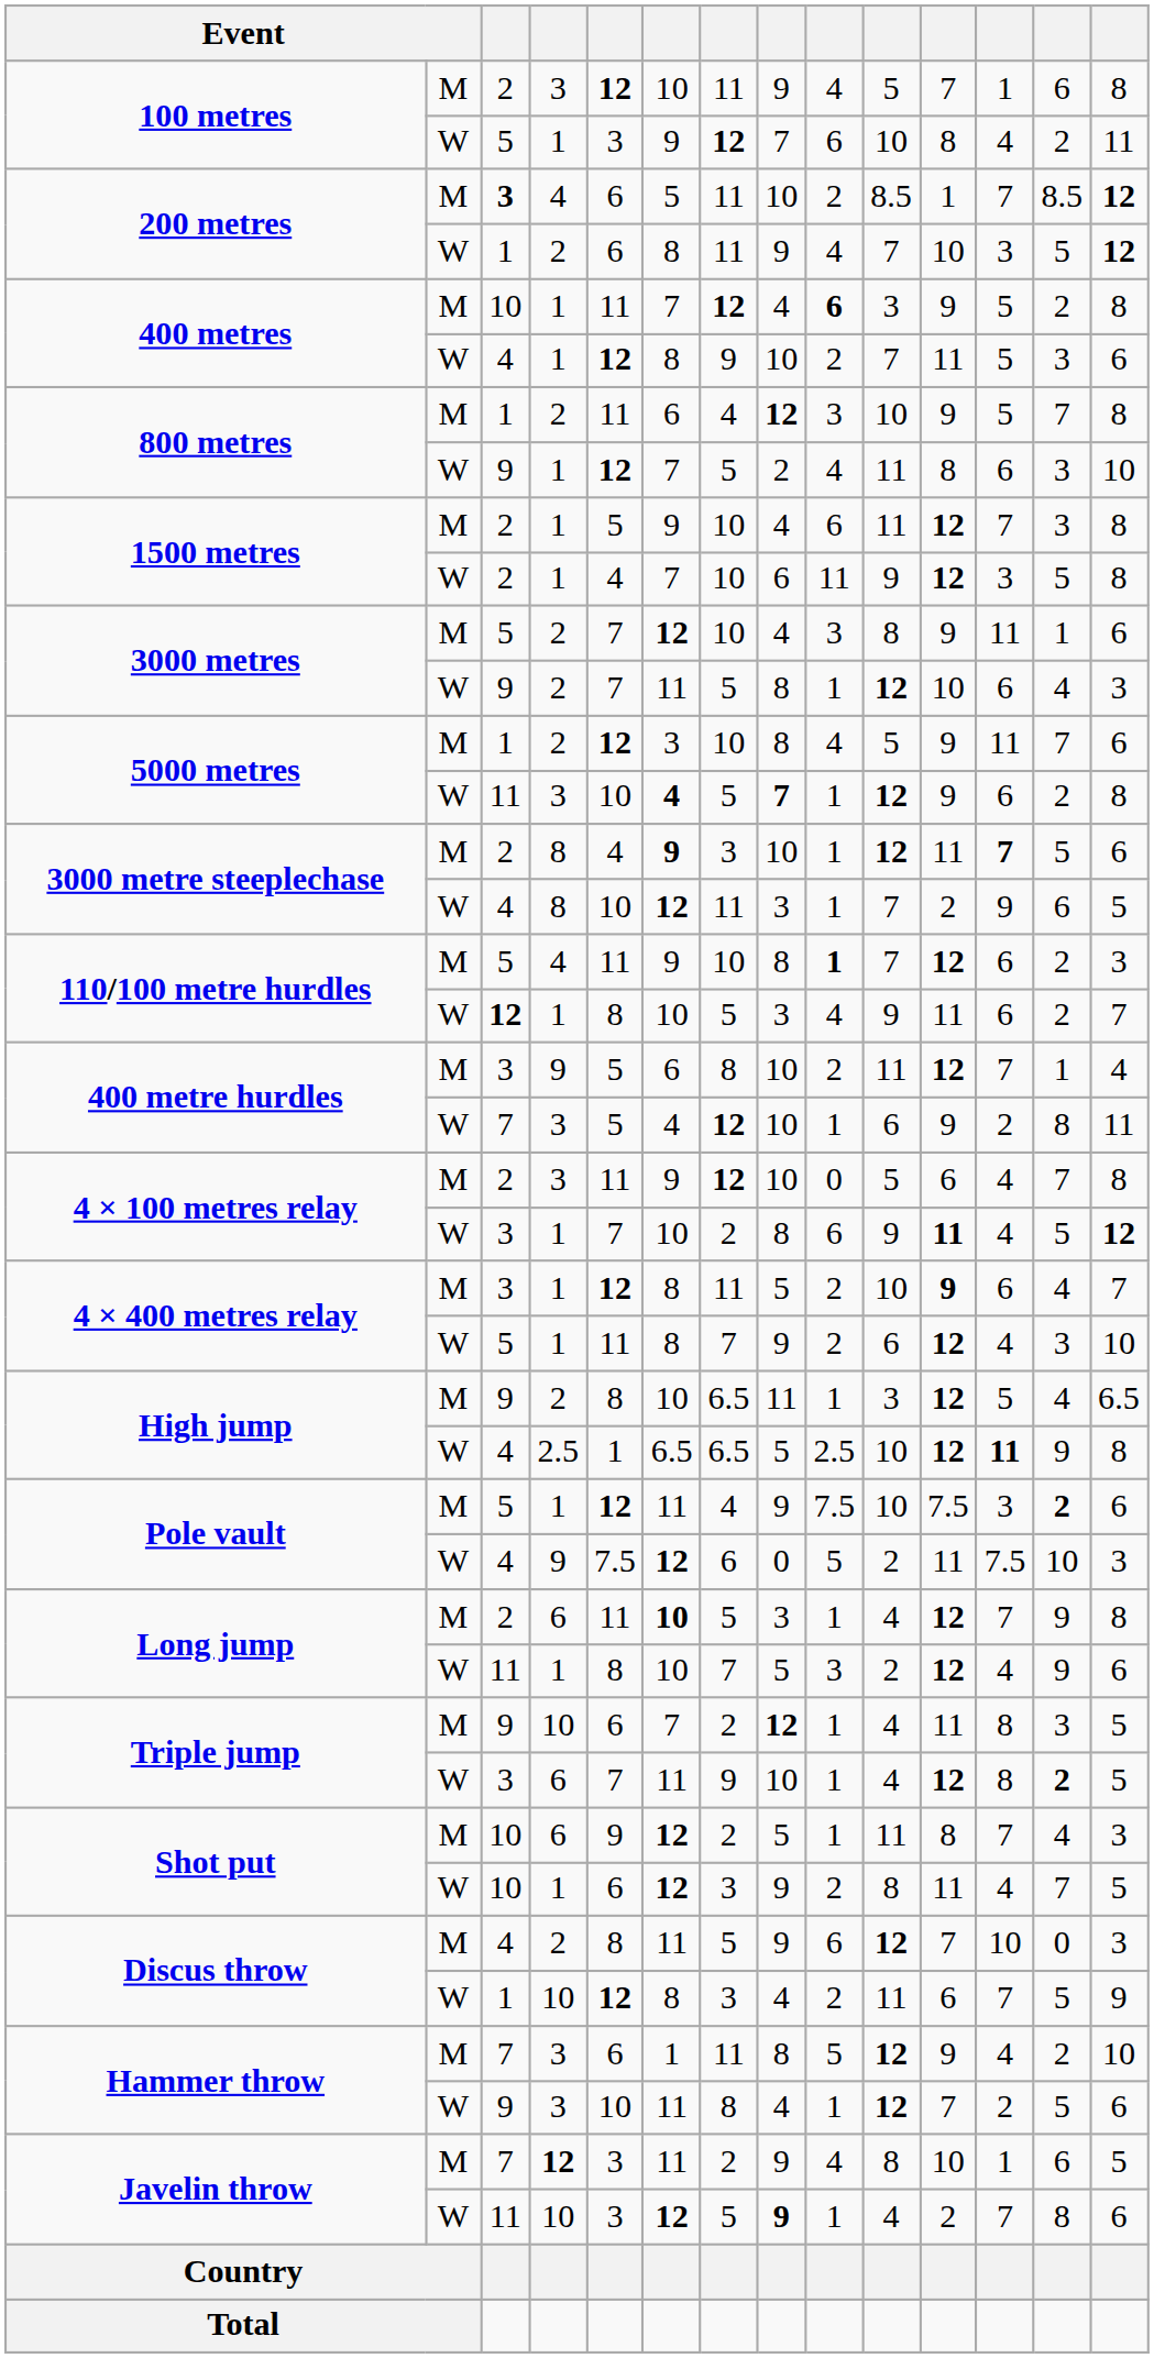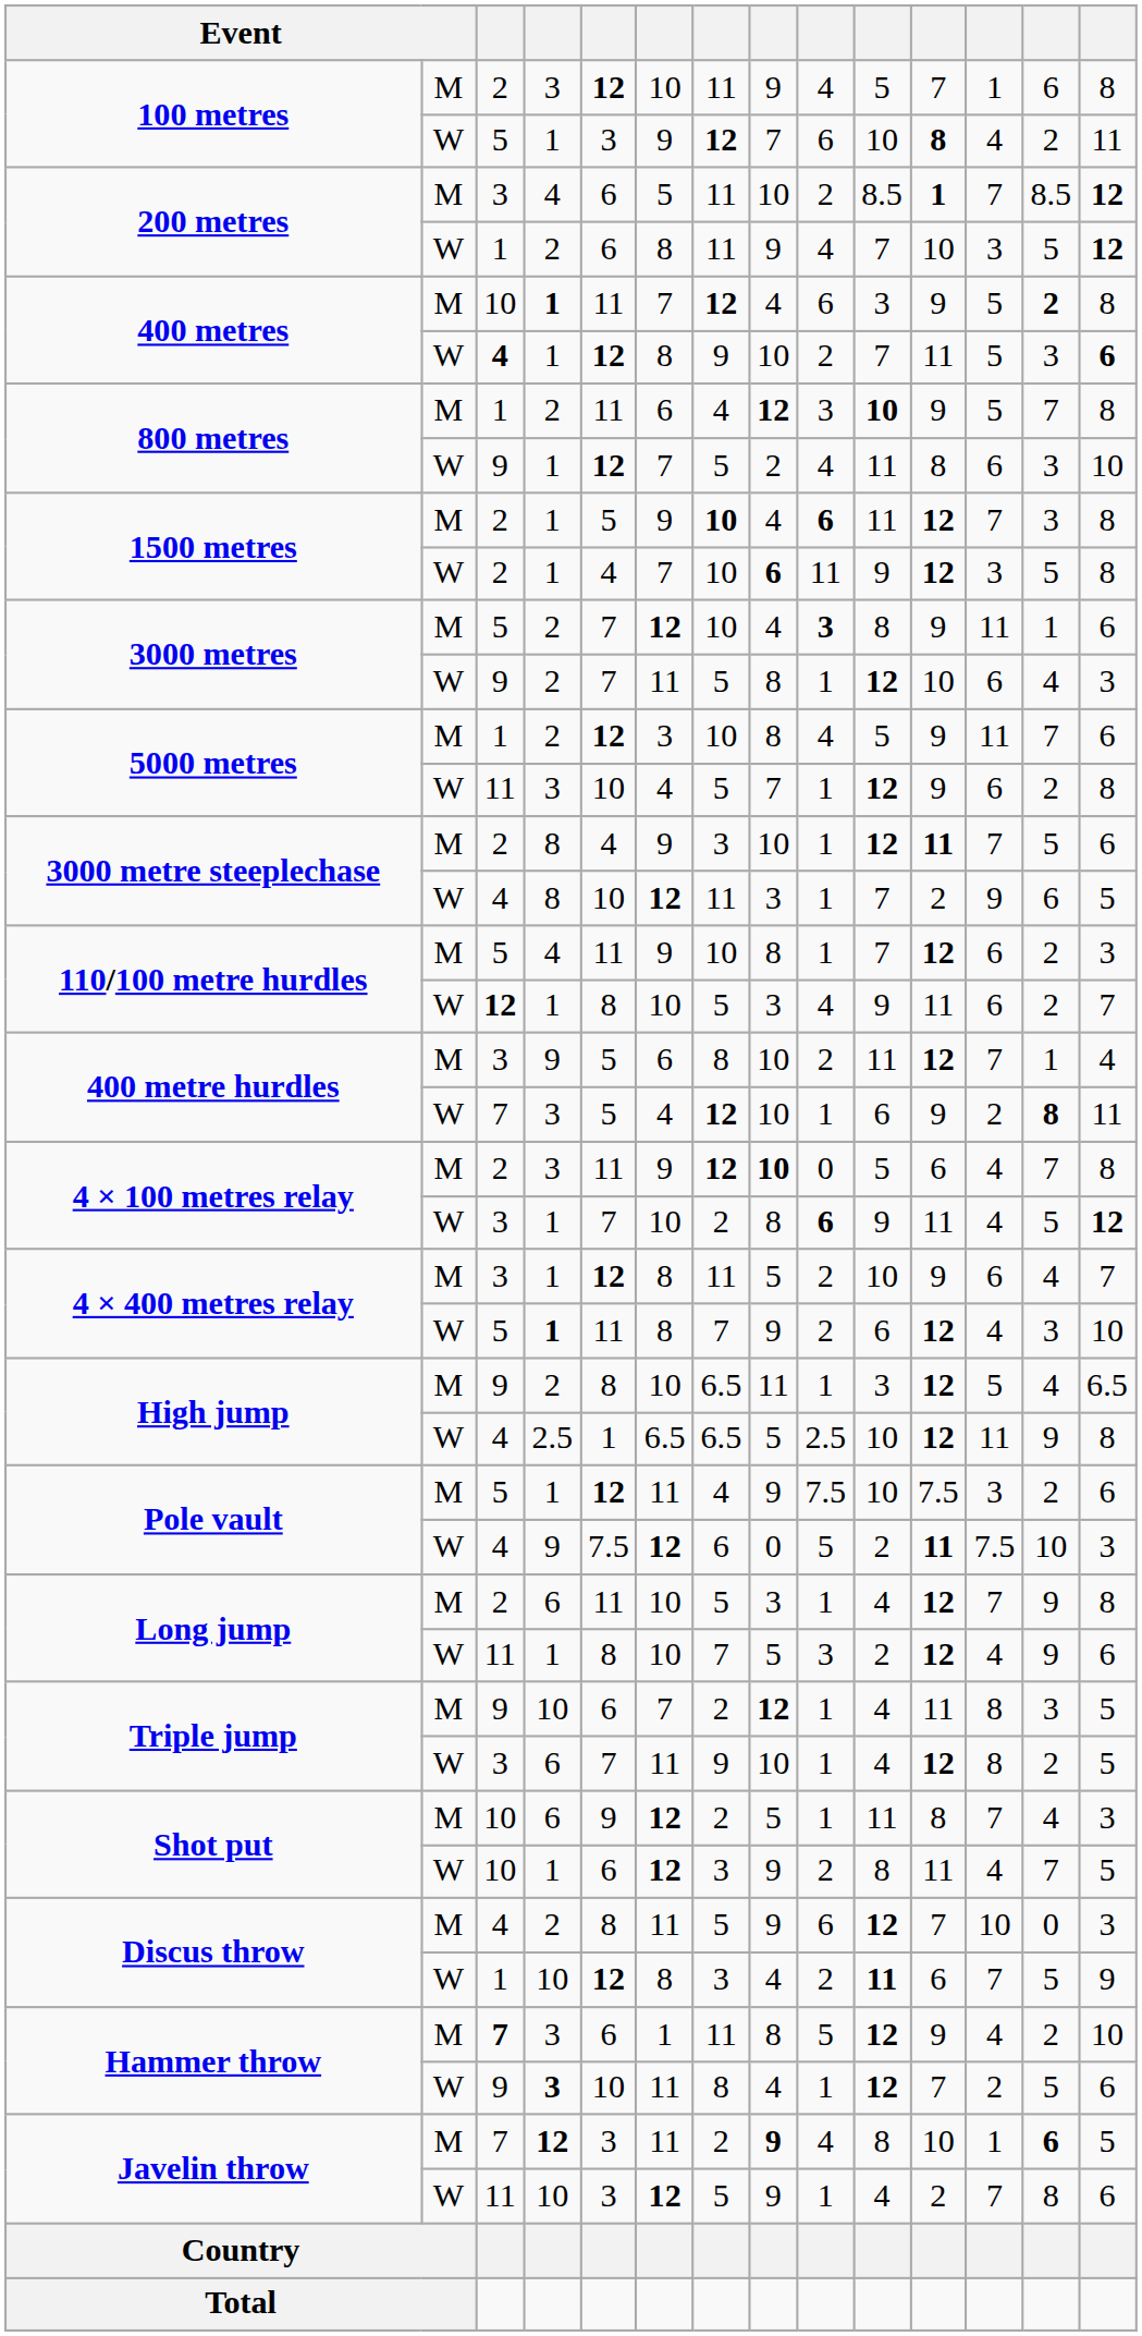 <table class="wikitable" style="background-color: #f9f9f9; font-size: 90%; text-align: center">
 <tr>
 <th width=200 colspan=2>Event</th>
 <th></th>
 <th></th>
 <th></th>
 <th></th>
 <th></th>
 <th></th>
 <th></th>
 <th></th>
 <th></th>
 <th></th>
 <th></th>
 <th></th>
 </tr>
 <tr>
 <td rowspan=2><strong><a href='#'>100 metres</a></strong></td>
 <td>M</td>
 <td>2</td>
 <td>3</td>
 <td><strong>12</strong></td>
 <td>10</td>
 <td>11</td>
 <td>9</td>
 <td>4</td>
 <td>5</td>
 <td>7</td>
 <td>1</td>
 <td>6</td>
 <td>8</td>
 </tr>
 <tr>
 <td>W</td>
 <td>5</td>
 <td>1</td>
 <td>3</td>
 <td>9</td>
 <td><strong>12</strong></td>
 <td>7</td>
 <td>6</td>
 <td>10</td>
-<td>8</td>
+<td><strong>8</strong></td>
 <td>4</td>
 <td>2</td>
 <td>11</td>
 </tr>
 <tr>
 <td rowspan=2><strong><a href='#'>200 metres</a></strong></td>
 <td>M</td>
-<td><strong>3</strong></td>
+<td>3</td>
 <td>4</td>
 <td>6</td>
 <td>5</td>
 <td>11</td>
 <td>10</td>
 <td>2</td>
 <td>8.5</td>
-<td>1</td>
+<td><strong>1</strong></td>
 <td>7</td>
 <td>8.5</td>
 <td><strong>12</strong></td>
 </tr>
 <tr>
 <td>W</td>
 <td>1</td>
 <td>2</td>
 <td>6</td>
 <td>8</td>
 <td>11</td>
 <td>9</td>
 <td>4</td>
 <td>7</td>
 <td>10</td>
 <td>3</td>
 <td>5</td>
 <td><strong>12</strong></td>
 </tr>
 <tr>
 <td rowspan=2><strong><a href='#'>400 metres</a></strong></td>
 <td>M</td>
 <td>10</td>
-<td>1</td>
+<td><strong>1</strong></td>
 <td>11</td>
 <td>7</td>
 <td><strong>12</strong></td>
 <td>4</td>
-<td><strong>6</strong></td>
+<td>6</td>
 <td>3</td>
 <td>9</td>
 <td>5</td>
-<td>2</td>
+<td><strong>2</strong></td>
 <td>8</td>
 </tr>
 <tr>
 <td>W</td>
-<td>4</td>
+<td><strong>4</strong></td>
 <td>1</td>
 <td><strong>12</strong></td>
 <td>8</td>
 <td>9</td>
 <td>10</td>
 <td>2</td>
 <td>7</td>
 <td>11</td>
 <td>5</td>
 <td>3</td>
-<td>6</td>
+<td><strong>6</strong></td>
 </tr>
 <tr>
 <td rowspan=2><strong><a href='#'>800 metres</a></strong></td>
 <td>M</td>
 <td>1</td>
 <td>2</td>
 <td>11</td>
 <td>6</td>
 <td>4</td>
 <td><strong>12</strong></td>
 <td>3</td>
-<td>10</td>
+<td><strong>10</strong></td>
 <td>9</td>
 <td>5</td>
 <td>7</td>
 <td>8</td>
 </tr>
 <tr>
 <td>W</td>
 <td>9</td>
 <td>1</td>
 <td><strong>12</strong></td>
 <td>7</td>
 <td>5</td>
 <td>2</td>
 <td>4</td>
 <td>11</td>
 <td>8</td>
 <td>6</td>
 <td>3</td>
 <td>10</td>
 </tr>
 <tr>
 <td rowspan=2><strong><a href='#'>1500 metres</a></strong></td>
 <td>M</td>
 <td>2</td>
 <td>1</td>
 <td>5</td>
 <td>9</td>
-<td>10</td>
+<td><strong>10</strong></td>
 <td>4</td>
-<td>6</td>
+<td><strong>6</strong></td>
 <td>11</td>
 <td><strong>12</strong></td>
 <td>7</td>
 <td>3</td>
 <td>8</td>
 </tr>
 <tr>
 <td>W</td>
 <td>2</td>
 <td>1</td>
 <td>4</td>
 <td>7</td>
 <td>10</td>
-<td>6</td>
+<td><strong>6</strong></td>
 <td>11</td>
 <td>9</td>
 <td><strong>12</strong></td>
 <td>3</td>
 <td>5</td>
 <td>8</td>
 </tr>
 <tr>
 <td rowspan=2><strong><a href='#'>3000 metres</a></strong></td>
 <td>M</td>
 <td>5</td>
 <td>2</td>
 <td>7</td>
 <td><strong>12</strong></td>
 <td>10</td>
 <td>4</td>
-<td>3</td>
+<td><strong>3</strong></td>
 <td>8</td>
 <td>9</td>
 <td>11</td>
 <td>1</td>
 <td>6</td>
 </tr>
 <tr>
 <td>W</td>
 <td>9</td>
 <td>2</td>
 <td>7</td>
 <td>11</td>
 <td>5</td>
 <td>8</td>
 <td>1</td>
 <td><strong>12</strong></td>
 <td>10</td>
 <td>6</td>
 <td>4</td>
 <td>3</td>
 </tr>
 <tr>
 <td rowspan=2><strong><a href='#'>5000 metres</a></strong></td>
 <td>M</td>
 <td>1</td>
 <td>2</td>
 <td><strong>12</strong></td>
 <td>3</td>
 <td>10</td>
 <td>8</td>
 <td>4</td>
 <td>5</td>
 <td>9</td>
 <td>11</td>
 <td>7</td>
 <td>6</td>
 </tr>
 <tr>
 <td>W</td>
 <td>11</td>
 <td>3</td>
 <td>10</td>
-<td><strong>4</strong></td>
+<td>4</td>
 <td>5</td>
-<td><strong>7</strong></td>
+<td>7</td>
 <td>1</td>
 <td><strong>12</strong></td>
 <td>9</td>
 <td>6</td>
 <td>2</td>
 <td>8</td>
 </tr>
 <tr>
 <td rowspan=2><strong><a href='#'>3000 metre steeplechase</a></strong></td>
 <td>M</td>
 <td>2</td>
 <td>8</td>
 <td>4</td>
-<td><strong>9</strong></td>
+<td>9</td>
 <td>3</td>
 <td>10</td>
 <td>1</td>
 <td><strong>12</strong></td>
-<td>11</td>
-<td><strong>7</strong></td>
+<td><strong>11</strong></td>
+<td>7</td>
 <td>5</td>
 <td>6</td>
 </tr>
 <tr>
 <td>W</td>
 <td>4</td>
 <td>8</td>
 <td>10</td>
 <td><strong>12</strong></td>
 <td>11</td>
 <td>3</td>
 <td>1</td>
 <td>7</td>
 <td>2</td>
 <td>9</td>
 <td>6</td>
 <td>5</td>
 </tr>
 <tr>
 <td rowspan=2><strong><a href='#'>110</a>/<a href='#'>100 metre hurdles</a></strong></td>
 <td>M</td>
 <td>5</td>
 <td>4</td>
 <td>11</td>
 <td>9</td>
 <td>10</td>
 <td>8</td>
-<td><strong>1</strong></td>
+<td>1</td>
 <td>7</td>
 <td><strong>12</strong></td>
 <td>6</td>
 <td>2</td>
 <td>3</td>
 </tr>
 <tr>
 <td>W</td>
 <td><strong>12</strong></td>
 <td>1</td>
 <td>8</td>
 <td>10</td>
 <td>5</td>
 <td>3</td>
 <td>4</td>
 <td>9</td>
 <td>11</td>
 <td>6</td>
 <td>2</td>
 <td>7</td>
 </tr>
 <tr>
 <td rowspan=2><strong><a href='#'>400 metre hurdles</a></strong></td>
 <td>M</td>
 <td>3</td>
 <td>9</td>
 <td>5</td>
 <td>6</td>
 <td>8</td>
 <td>10</td>
 <td>2</td>
 <td>11</td>
 <td><strong>12</strong></td>
 <td>7</td>
 <td>1</td>
 <td>4</td>
 </tr>
 <tr>
 <td>W</td>
 <td>7</td>
 <td>3</td>
 <td>5</td>
 <td>4</td>
 <td><strong>12</strong></td>
 <td>10</td>
 <td>1</td>
 <td>6</td>
 <td>9</td>
 <td>2</td>
-<td>8</td>
+<td><strong>8</strong></td>
 <td>11</td>
 </tr>
 <tr>
 <td rowspan=2><strong><a href='#'>4 × 100 metres relay</a></strong></td>
 <td>M</td>
 <td>2</td>
 <td>3</td>
 <td>11</td>
 <td>9</td>
 <td><strong>12</strong></td>
-<td>10</td>
+<td><strong>10</strong></td>
 <td>0</td>
 <td>5</td>
 <td>6</td>
 <td>4</td>
 <td>7</td>
 <td>8</td>
 </tr>
 <tr>
 <td>W</td>
 <td>3</td>
 <td>1</td>
 <td>7</td>
 <td>10</td>
 <td>2</td>
 <td>8</td>
-<td>6</td>
+<td><strong>6</strong></td>
 <td>9</td>
-<td><strong>11</strong></td>
+<td>11</td>
 <td>4</td>
 <td>5</td>
 <td><strong>12</strong></td>
 </tr>
 <tr>
 <td rowspan=2><strong><a href='#'>4 × 400 metres relay</a></strong></td>
 <td>M</td>
 <td>3</td>
 <td>1</td>
 <td><strong>12</strong></td>
 <td>8</td>
 <td>11</td>
 <td>5</td>
 <td>2</td>
 <td>10</td>
-<td><strong>9</strong></td>
+<td>9</td>
 <td>6</td>
 <td>4</td>
 <td>7</td>
 </tr>
 <tr>
 <td>W</td>
 <td>5</td>
-<td>1</td>
+<td><strong>1</strong></td>
 <td>11</td>
 <td>8</td>
 <td>7</td>
 <td>9</td>
 <td>2</td>
 <td>6</td>
 <td><strong>12</strong></td>
 <td>4</td>
 <td>3</td>
 <td>10</td>
 </tr>
 <tr>
 <td rowspan=2><strong><a href='#'>High jump</a></strong></td>
 <td>M</td>
 <td>9</td>
 <td>2</td>
 <td>8</td>
 <td>10</td>
 <td>6.5</td>
 <td>11</td>
 <td>1</td>
 <td>3</td>
 <td><strong>12</strong></td>
 <td>5</td>
 <td>4</td>
 <td>6.5</td>
 </tr>
 <tr>
 <td>W</td>
 <td>4</td>
 <td>2.5</td>
 <td>1</td>
 <td>6.5</td>
 <td>6.5</td>
 <td>5</td>
 <td>2.5</td>
 <td>10</td>
 <td><strong>12</strong></td>
-<td><strong>11</strong></td>
+<td>11</td>
 <td>9</td>
 <td>8</td>
 </tr>
 <tr>
 <td rowspan=2><strong><a href='#'>Pole vault</a></strong></td>
 <td>M</td>
 <td>5</td>
 <td>1</td>
 <td><strong>12</strong></td>
 <td>11</td>
 <td>4</td>
 <td>9</td>
 <td>7.5</td>
 <td>10</td>
 <td>7.5</td>
 <td>3</td>
-<td><strong>2</strong></td>
+<td>2</td>
 <td>6</td>
 </tr>
 <tr>
 <td>W</td>
 <td>4</td>
 <td>9</td>
 <td>7.5</td>
 <td><strong>12</strong></td>
 <td>6</td>
 <td>0</td>
 <td>5</td>
 <td>2</td>
-<td>11</td>
+<td><strong>11</strong></td>
 <td>7.5</td>
 <td>10</td>
 <td>3</td>
 </tr>
 <tr>
 <td rowspan=2><strong><a href='#'>Long jump</a></strong></td>
 <td>M</td>
 <td>2</td>
 <td>6</td>
 <td>11</td>
-<td><strong>10</strong></td>
+<td>10</td>
 <td>5</td>
 <td>3</td>
 <td>1</td>
 <td>4</td>
 <td><strong>12</strong></td>
 <td>7</td>
 <td>9</td>
 <td>8</td>
 </tr>
 <tr>
 <td>W</td>
 <td>11</td>
 <td>1</td>
 <td>8</td>
 <td>10</td>
 <td>7</td>
 <td>5</td>
 <td>3</td>
 <td>2</td>
 <td><strong>12</strong></td>
 <td>4</td>
 <td>9</td>
 <td>6</td>
 </tr>
 <tr>
 <td rowspan=2><strong><a href='#'>Triple jump</a></strong></td>
 <td>M</td>
 <td>9</td>
 <td>10</td>
 <td>6</td>
 <td>7</td>
 <td>2</td>
 <td><strong>12</strong></td>
 <td>1</td>
 <td>4</td>
 <td>11</td>
 <td>8</td>
 <td>3</td>
 <td>5</td>
 </tr>
 <tr>
 <td>W</td>
 <td>3</td>
 <td>6</td>
 <td>7</td>
 <td>11</td>
 <td>9</td>
 <td>10</td>
 <td>1</td>
 <td>4</td>
 <td><strong>12</strong></td>
 <td>8</td>
-<td><strong>2</strong></td>
+<td>2</td>
 <td>5</td>
 </tr>
 <tr>
 <td rowspan=2><strong><a href='#'>Shot put</a></strong></td>
 <td>M</td>
 <td>10</td>
 <td>6</td>
 <td>9</td>
 <td><strong>12</strong></td>
 <td>2</td>
 <td>5</td>
 <td>1</td>
 <td>11</td>
 <td>8</td>
 <td>7</td>
 <td>4</td>
 <td>3</td>
 </tr>
 <tr>
 <td>W</td>
 <td>10</td>
 <td>1</td>
 <td>6</td>
 <td><strong>12</strong></td>
 <td>3</td>
 <td>9</td>
 <td>2</td>
 <td>8</td>
 <td>11</td>
 <td>4</td>
 <td>7</td>
 <td>5</td>
 </tr>
 <tr>
 <td rowspan=2><strong><a href='#'>Discus throw</a></strong></td>
 <td>M</td>
 <td>4</td>
 <td>2</td>
 <td>8</td>
 <td>11</td>
 <td>5</td>
 <td>9</td>
 <td>6</td>
 <td><strong>12</strong></td>
 <td>7</td>
 <td>10</td>
 <td>0</td>
 <td>3</td>
 </tr>
 <tr>
 <td>W</td>
 <td>1</td>
 <td>10</td>
 <td><strong>12</strong></td>
 <td>8</td>
 <td>3</td>
 <td>4</td>
 <td>2</td>
-<td>11</td>
+<td><strong>11</strong></td>
 <td>6</td>
 <td>7</td>
 <td>5</td>
 <td>9</td>
 </tr>
 <tr>
 <td rowspan=2><strong><a href='#'>Hammer throw</a></strong></td>
 <td>M</td>
-<td>7</td>
+<td><strong>7</strong></td>
 <td>3</td>
 <td>6</td>
 <td>1</td>
 <td>11</td>
 <td>8</td>
 <td>5</td>
 <td><strong>12</strong></td>
 <td>9</td>
 <td>4</td>
 <td>2</td>
 <td>10</td>
 </tr>
 <tr>
 <td>W</td>
 <td>9</td>
-<td>3</td>
+<td><strong>3</strong></td>
 <td>10</td>
 <td>11</td>
 <td>8</td>
 <td>4</td>
 <td>1</td>
 <td><strong>12</strong></td>
 <td>7</td>
 <td>2</td>
 <td>5</td>
 <td>6</td>
 </tr>
 <tr>
 <td rowspan=2><strong><a href='#'>Javelin throw</a></strong></td>
 <td>M</td>
 <td>7</td>
 <td><strong>12</strong></td>
 <td>3</td>
 <td>11</td>
 <td>2</td>
-<td>9</td>
+<td><strong>9</strong></td>
 <td>4</td>
 <td>8</td>
 <td>10</td>
 <td>1</td>
-<td>6</td>
+<td><strong>6</strong></td>
 <td>5</td>
 </tr>
 <tr>
 <td>W</td>
 <td>11</td>
 <td>10</td>
 <td>3</td>
 <td><strong>12</strong></td>
 <td>5</td>
-<td><strong>9</strong></td>
+<td>9</td>
 <td>1</td>
 <td>4</td>
 <td>2</td>
 <td>7</td>
 <td>8</td>
 <td>6</td>
 </tr>
 <tr>
 <th colspan=2>Country</th>
 <th></th>
 <th></th>
 <th></th>
 <th></th>
 <th></th>
 <th></th>
 <th></th>
 <th></th>
 <th></th>
 <th></th>
 <th></th>
 <th></th>
 </tr>
 <tr>
 <th colspan=2>Total</th>
 <td></td>
 <td></td>
 <td></td>
 <td></td>
 <td></td>
 <td></td>
 <td></td>
 <td></td>
 <td></td>
 <td></td>
 <td></td>
 <td></td>
 </tr>
 </table>
